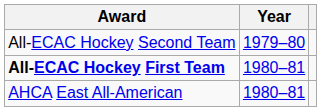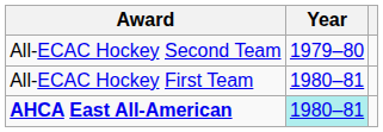 <table class="wikitable">
 <tr>
 <th>Award</th>
 <th>Year</th>
 <th></th>
 </tr>
 <tr>
 <td>All-<a href='#'>ECAC Hockey</a> <a href='#'>Second Team</a></td>
 <td><a href='#'>1979–80</a></td>
 <td></td>
 </tr>
 <tr>
-<td><strong>All-<a href='#'>ECAC Hockey</a> <a href='#'>First Team</a></strong></td>
+<td>All-<a href='#'>ECAC Hockey</a> <a href='#'>First Team</a></td>
 <td><a href='#'>1980–81</a></td>
 <td></td>
 </tr>
 <tr>
-<td><a href='#'>AHCA</a> <a href='#'>East All-American</a></td>
-<td><a href='#'>1980–81</a></td>
+<td><strong><a href='#'>AHCA</a> <a href='#'>East All-American</a></strong></td>
+<td style="background: paleturquoise;"><a href='#'>1980–81</a></td>
 <td></td>
 </tr>
 <tr>
 </tr>
 </table>
